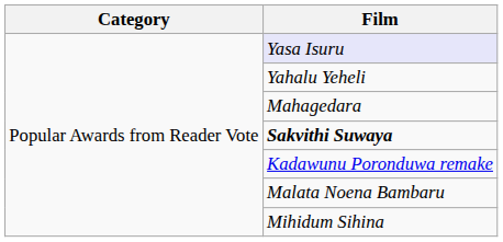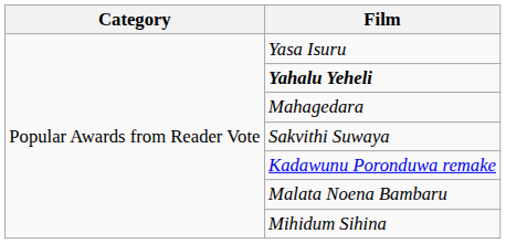 <table class="wikitable plainrowheaders sortable">
 <tr>
 <th scope="col">Category</th>
 <th scope="col">Film</th>
 </tr>
 <tr>
 <td rowspan=7>Popular Awards from Reader Vote</td>
-<td style="background: lavender;"><em>Yasa Isuru</em></td>
+<td><em>Yasa Isuru</em></td>
 </tr>
 <tr>
-<td><em>Yahalu Yeheli</em></td>
+<td><strong><em>Yahalu Yeheli</em></strong></td>
 </tr>
 <tr>
 <td><em>Mahagedara</em></td>
 </tr>
 <tr>
-<td><strong><em>Sakvithi Suwaya</em></strong></td>
+<td><em>Sakvithi Suwaya</em></td>
 </tr>
 <tr>
 <td><em><a href='#'>Kadawunu Poronduwa remake</a></em></td>
 </tr>
 <tr>
 <td><em>Malata Noena Bambaru</em></td>
 </tr>
 <tr>
 <td><em>Mihidum Sihina</em></td>
 </tr>
 </table>
